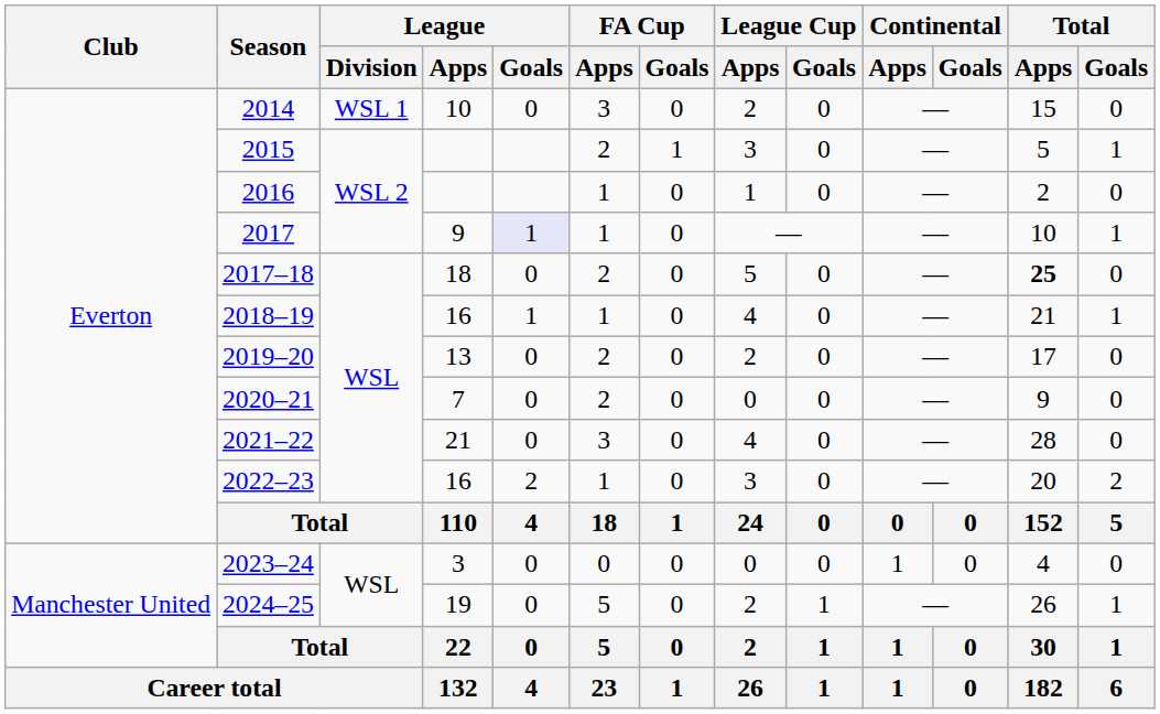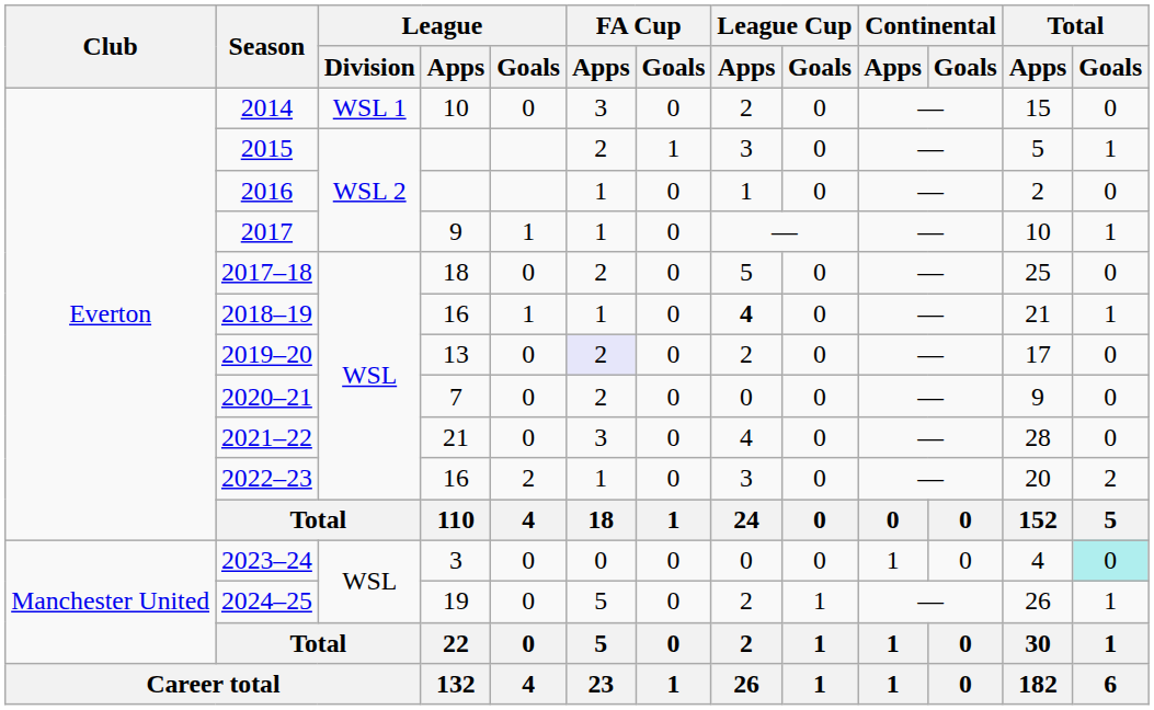 <table class="wikitable" style="text-align:center">
 <tr>
 <th rowspan="2">Club</th>
 <th rowspan="2">Season</th>
 <th colspan="3">League</th>
 <th colspan="2">FA Cup</th>
 <th colspan="2">League Cup</th>
 <th colspan="2">Continental</th>
 <th colspan="2">Total</th>
 </tr>
 <tr>
 <th>Division</th>
 <th>Apps</th>
 <th>Goals</th>
 <th>Apps</th>
 <th>Goals</th>
 <th>Apps</th>
 <th>Goals</th>
 <th>Apps</th>
 <th>Goals</th>
 <th>Apps</th>
 <th>Goals</th>
 </tr>
 <tr>
 <td rowspan="11"><a href='#'>Everton</a></td>
 <td><a href='#'>2014</a></td>
 <td><a href='#'>WSL 1</a></td>
 <td>10</td>
 <td>0</td>
 <td>3</td>
 <td>0</td>
 <td>2</td>
 <td>0</td>
 <td colspan="2">—</td>
 <td>15</td>
 <td>0</td>
 </tr>
 <tr>
 <td><a href='#'>2015</a></td>
 <td rowspan=3><a href='#'>WSL 2</a></td>
 <td></td>
 <td></td>
 <td>2</td>
 <td>1</td>
 <td>3</td>
 <td>0</td>
 <td colspan="2">—</td>
 <td>5</td>
 <td>1</td>
 </tr>
 <tr>
 <td><a href='#'>2016</a></td>
 <td></td>
 <td></td>
 <td>1</td>
 <td>0</td>
 <td>1</td>
 <td>0</td>
 <td colspan="2">—</td>
 <td>2</td>
 <td>0</td>
 </tr>
 <tr>
 <td><a href='#'>2017</a></td>
 <td>9</td>
-<td style="background: lavender;">1</td>
+<td>1</td>
 <td>1</td>
 <td>0</td>
 <td colspan="2">—</td>
 <td colspan="2">—</td>
 <td>10</td>
 <td>1</td>
 </tr>
 <tr>
 <td><a href='#'>2017–18</a></td>
 <td rowspan=6><a href='#'>WSL</a></td>
 <td>18</td>
 <td>0</td>
 <td>2</td>
 <td>0</td>
 <td>5</td>
 <td>0</td>
 <td colspan="2">—</td>
-<td><strong>25</strong></td>
+<td>25</td>
 <td>0</td>
 </tr>
 <tr>
 <td><a href='#'>2018–19</a></td>
 <td>16</td>
 <td>1</td>
 <td>1</td>
 <td>0</td>
-<td>4</td>
+<td><strong>4</strong></td>
 <td>0</td>
 <td colspan="2">—</td>
 <td>21</td>
 <td>1</td>
 </tr>
 <tr>
 <td><a href='#'>2019–20</a></td>
 <td>13</td>
 <td>0</td>
-<td>2</td>
+<td style="background: lavender;">2</td>
 <td>0</td>
 <td>2</td>
 <td>0</td>
 <td colspan="2">—</td>
 <td>17</td>
 <td>0</td>
 </tr>
 <tr>
 <td><a href='#'>2020–21</a></td>
 <td>7</td>
 <td>0</td>
 <td>2</td>
 <td>0</td>
 <td>0</td>
 <td>0</td>
 <td colspan="2">—</td>
 <td>9</td>
 <td>0</td>
 </tr>
 <tr>
 <td><a href='#'>2021–22</a></td>
 <td>21</td>
 <td>0</td>
 <td>3</td>
 <td>0</td>
 <td>4</td>
 <td>0</td>
 <td colspan="2">—</td>
 <td>28</td>
 <td>0</td>
 </tr>
 <tr>
 <td><a href='#'>2022–23</a></td>
 <td>16</td>
 <td>2</td>
 <td>1</td>
 <td>0</td>
 <td>3</td>
 <td>0</td>
 <td colspan="2">—</td>
 <td>20</td>
 <td>2</td>
 </tr>
 <tr>
 <th colspan="2">Total</th>
 <th>110</th>
 <th>4</th>
 <th>18</th>
 <th>1</th>
 <th>24</th>
 <th>0</th>
 <th>0</th>
 <th>0</th>
 <th>152</th>
 <th>5</th>
 </tr>
 <tr>
 <td rowspan=3><a href='#'>Manchester United</a></td>
 <td><a href='#'>2023–24</a></td>
 <td rowspan=2>WSL</td>
 <td>3</td>
 <td>0</td>
 <td>0</td>
 <td>0</td>
 <td>0</td>
 <td>0</td>
 <td>1</td>
 <td>0</td>
 <td>4</td>
-<td>0</td>
+<td style="background: paleturquoise;">0</td>
 </tr>
 <tr>
 <td><a href='#'>2024–25</a></td>
 <td>19</td>
 <td>0</td>
 <td>5</td>
 <td>0</td>
 <td>2</td>
 <td>1</td>
 <td colspan="2">—</td>
 <td>26</td>
 <td>1</td>
 </tr>
 <tr>
 <th colspan="2">Total</th>
 <th>22</th>
 <th>0</th>
 <th>5</th>
 <th>0</th>
 <th>2</th>
 <th>1</th>
 <th>1</th>
 <th>0</th>
 <th>30</th>
 <th>1</th>
 </tr>
 <tr>
 <th colspan="3">Career total</th>
 <th>132</th>
 <th>4</th>
 <th>23</th>
 <th>1</th>
 <th>26</th>
 <th>1</th>
 <th>1</th>
 <th>0</th>
 <th>182</th>
 <th>6</th>
 </tr>
 </table>
